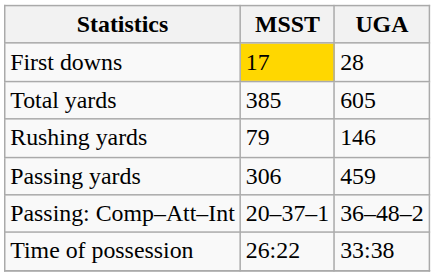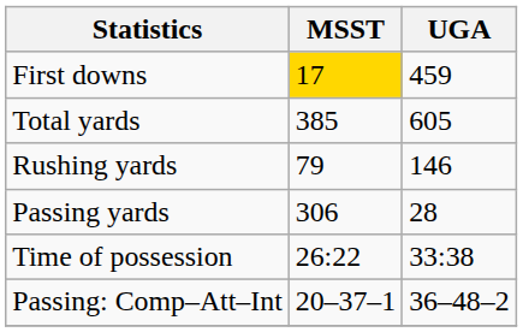 <table class="wikitable" style="float: left;">
 <tr>
 <th>Statistics</th>
 <th>MSST</th>
 <th>UGA</th>
 </tr>
 <tr>
 <td>First downs</td>
 <td style="background: gold;">17</td>
-<td>28</td>
+<td>459</td>
 </tr>
 <tr>
 <td>Total yards</td>
 <td>385</td>
 <td>605</td>
 </tr>
 <tr>
 <td>Rushing yards</td>
 <td>79</td>
 <td>146</td>
 </tr>
 <tr>
 <td>Passing yards</td>
 <td>306</td>
-<td>459</td>
+<td>28</td>
+</tr>
+<tr>
+<td>Time of possession</td>
+<td>26:22</td>
+<td>33:38</td>
 </tr>
 <tr>
 <td>Passing: Comp–Att–Int</td>
 <td>20–37–1</td>
 <td>36–48–2</td>
 </tr>
 <tr>
-<td>Time of possession</td>
-<td>26:22</td>
-<td>33:38</td>
-</tr>
-<tr>
 </tr>
 </table>
